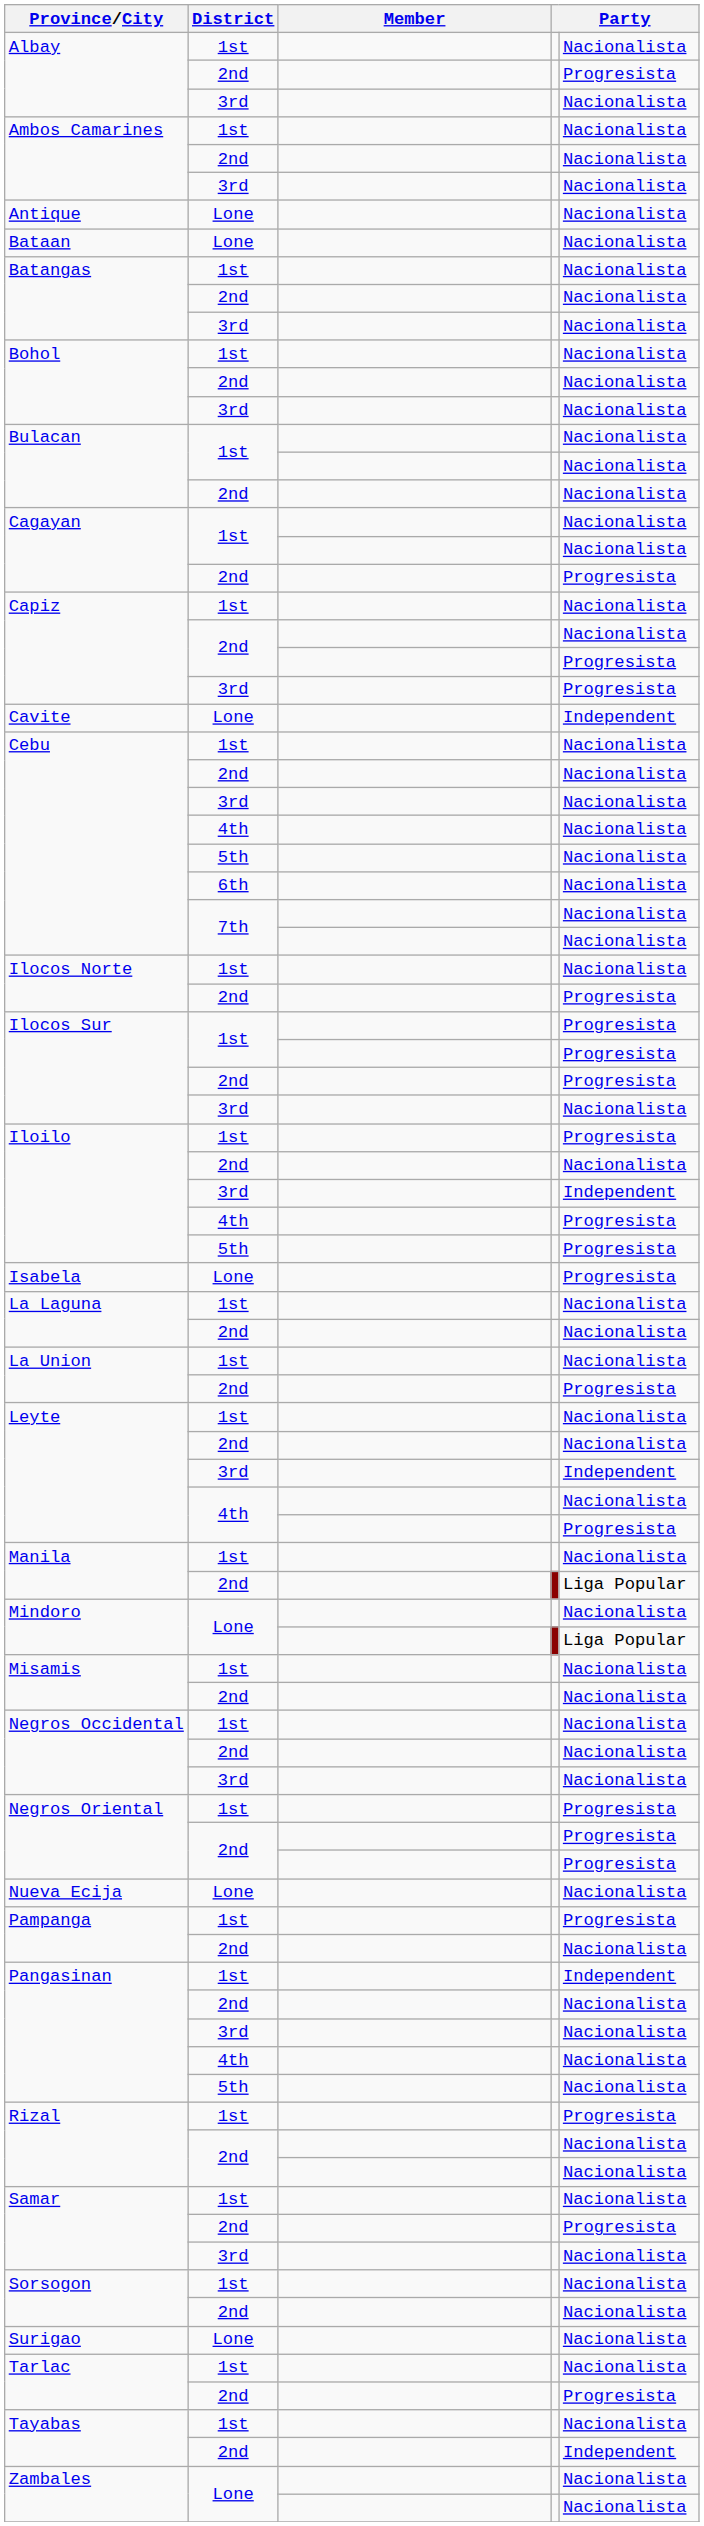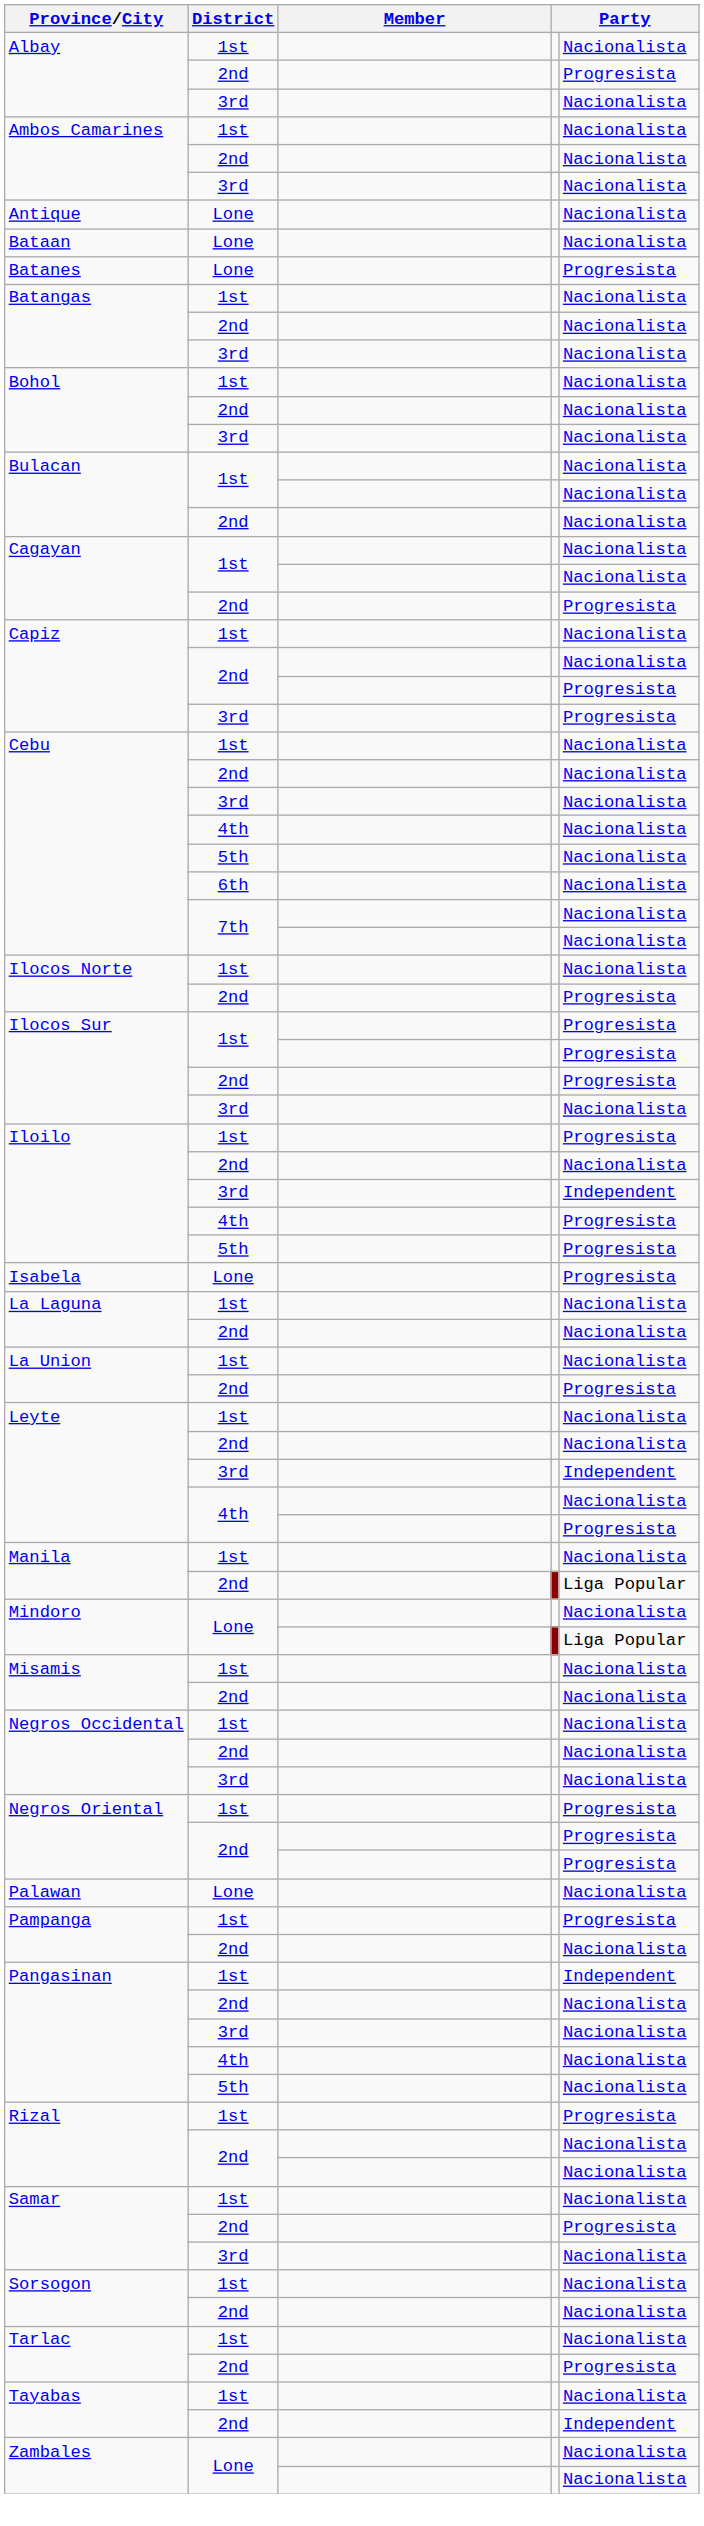 <table class="wikitable sortable">
 <tr>
 <th><a href='#'>Province</a>/<a href='#'>City</a></th>
 <th><a href='#'>District</a></th>
 <th width="200px"><a href='#'>Member</a></th>
 <th colspan="2"><a href='#'>Party</a></th>
 </tr>
 <tr>
 <td rowspan="3" valign="top"><a href='#'>Albay</a></td>
 <td align="center"><a href='#'>1st</a></td>
 <td></td>
 <td></td>
 <td width="100px"><a href='#'>Nacionalista</a></td>
 </tr>
 <tr>
 <td align="center"><a href='#'>2nd</a></td>
 <td></td>
 <td></td>
 <td><a href='#'>Progresista</a></td>
 </tr>
 <tr>
 <td align="center"><a href='#'>3rd</a></td>
 <td></td>
 <td></td>
 <td><a href='#'>Nacionalista</a></td>
 </tr>
 <tr>
 <td rowspan="3" valign="top"><a href='#'>Ambos Camarines</a></td>
 <td align="center"><a href='#'>1st</a></td>
 <td></td>
 <td></td>
 <td><a href='#'>Nacionalista</a></td>
 </tr>
 <tr>
 <td align="center"><a href='#'>2nd</a></td>
 <td></td>
 <td></td>
 <td><a href='#'>Nacionalista</a></td>
 </tr>
 <tr>
 <td align="center"><a href='#'>3rd</a></td>
 <td></td>
 <td></td>
 <td><a href='#'>Nacionalista</a></td>
 </tr>
 <tr>
 <td><a href='#'>Antique</a></td>
 <td align="center"><a href='#'>Lone</a></td>
 <td></td>
 <td></td>
 <td><a href='#'>Nacionalista</a></td>
 </tr>
 <tr>
 <td valign="top"><a href='#'>Bataan</a></td>
 <td align="center"><a href='#'>Lone</a></td>
 <td></td>
 <td></td>
 <td><a href='#'>Nacionalista</a></td>
+</tr>
+<tr>
+<td valign="top"><a href='#'>Batanes</a></td>
+<td align="center"><a href='#'>Lone</a></td>
+<td></td>
+<td></td>
+<td><a href='#'>Progresista</a></td>
 </tr>
 <tr>
 <td rowspan="3" valign="top"><a href='#'>Batangas</a></td>
 <td align="center"><a href='#'>1st</a></td>
 <td></td>
 <td></td>
 <td><a href='#'>Nacionalista</a></td>
 </tr>
 <tr>
 <td align="center"><a href='#'>2nd</a></td>
 <td></td>
 <td></td>
 <td><a href='#'>Nacionalista</a></td>
 </tr>
 <tr>
 <td align="center"><a href='#'>3rd</a></td>
 <td></td>
 <td></td>
 <td><a href='#'>Nacionalista</a></td>
 </tr>
 <tr>
 <td rowspan="3" valign="top"><a href='#'>Bohol</a></td>
 <td align="center"><a href='#'>1st</a></td>
 <td></td>
 <td></td>
 <td><a href='#'>Nacionalista</a></td>
 </tr>
 <tr>
 <td align="center"><a href='#'>2nd</a></td>
 <td></td>
 <td></td>
 <td><a href='#'>Nacionalista</a></td>
 </tr>
 <tr>
 <td align="center"><a href='#'>3rd</a></td>
 <td></td>
 <td></td>
 <td><a href='#'>Nacionalista</a></td>
 </tr>
 <tr>
 <td rowspan="3" valign="top"><a href='#'>Bulacan</a></td>
 <td rowspan="2" align="center"><a href='#'>1st</a></td>
 <td></td>
 <td></td>
 <td><a href='#'>Nacionalista</a></td>
 </tr>
 <tr>
 <td></td>
 <td></td>
 <td><a href='#'>Nacionalista</a></td>
 </tr>
 <tr>
 <td align="center"><a href='#'>2nd</a></td>
 <td></td>
 <td></td>
 <td><a href='#'>Nacionalista</a></td>
 </tr>
 <tr>
 <td rowspan="3" valign="top"><a href='#'>Cagayan</a></td>
 <td rowspan="2" align="center"><a href='#'>1st</a></td>
 <td></td>
 <td></td>
 <td><a href='#'>Nacionalista</a></td>
 </tr>
 <tr>
 <td></td>
 <td></td>
 <td><a href='#'>Nacionalista</a></td>
 </tr>
 <tr>
 <td align="center"><a href='#'>2nd</a></td>
 <td></td>
 <td></td>
 <td><a href='#'>Progresista</a></td>
 </tr>
 <tr>
 <td rowspan="4" valign="top"><a href='#'>Capiz</a></td>
 <td align="center"><a href='#'>1st</a></td>
 <td></td>
 <td></td>
 <td><a href='#'>Nacionalista</a></td>
 </tr>
 <tr>
 <td rowspan="2" align="center"><a href='#'>2nd</a></td>
 <td></td>
 <td></td>
 <td><a href='#'>Nacionalista</a></td>
 </tr>
 <tr>
 <td></td>
 <td></td>
 <td><a href='#'>Progresista</a></td>
 </tr>
 <tr>
 <td align="center"><a href='#'>3rd</a></td>
 <td></td>
 <td></td>
 <td><a href='#'>Progresista</a></td>
-</tr>
-<tr>
-<td valign="top"><a href='#'>Cavite</a></td>
-<td align="center"><a href='#'>Lone</a></td>
-<td></td>
-<td></td>
-<td><a href='#'>Independent</a></td>
 </tr>
 <tr>
 <td rowspan="8" valign="top"><a href='#'>Cebu</a></td>
 <td align="center"><a href='#'>1st</a></td>
 <td></td>
 <td></td>
 <td><a href='#'>Nacionalista</a></td>
 </tr>
 <tr>
 <td align="center"><a href='#'>2nd</a></td>
 <td></td>
 <td></td>
 <td><a href='#'>Nacionalista</a></td>
 </tr>
 <tr>
 <td align="center"><a href='#'>3rd</a></td>
 <td></td>
 <td></td>
 <td><a href='#'>Nacionalista</a></td>
 </tr>
 <tr>
 <td align="center"><a href='#'>4th</a></td>
 <td></td>
 <td></td>
 <td><a href='#'>Nacionalista</a></td>
 </tr>
 <tr>
 <td align="center"><a href='#'>5th</a></td>
 <td></td>
 <td></td>
 <td><a href='#'>Nacionalista</a></td>
 </tr>
 <tr>
 <td align="center"><a href='#'>6th</a></td>
 <td></td>
 <td></td>
 <td><a href='#'>Nacionalista</a></td>
 </tr>
 <tr>
 <td rowspan="2" align="center"><a href='#'>7th</a></td>
 <td></td>
 <td></td>
 <td><a href='#'>Nacionalista</a></td>
 </tr>
 <tr>
 <td></td>
 <td></td>
 <td><a href='#'>Nacionalista</a></td>
 </tr>
 <tr>
 <td rowspan="2" valign="top"><a href='#'>Ilocos Norte</a></td>
 <td align="center"><a href='#'>1st</a></td>
 <td></td>
 <td></td>
 <td><a href='#'>Nacionalista</a></td>
 </tr>
 <tr>
 <td align="center"><a href='#'>2nd</a></td>
 <td></td>
 <td></td>
 <td><a href='#'>Progresista</a></td>
 </tr>
 <tr>
 <td rowspan="4" valign="top"><a href='#'>Ilocos Sur</a></td>
 <td rowspan="2" align="center"><a href='#'>1st</a></td>
 <td></td>
 <td></td>
 <td><a href='#'>Progresista</a></td>
 </tr>
 <tr>
 <td></td>
 <td></td>
 <td><a href='#'>Progresista</a></td>
 </tr>
 <tr>
 <td align="center"><a href='#'>2nd</a></td>
 <td></td>
 <td></td>
 <td><a href='#'>Progresista</a></td>
 </tr>
 <tr>
 <td align="center"><a href='#'>3rd</a></td>
 <td></td>
 <td></td>
 <td><a href='#'>Nacionalista</a></td>
 </tr>
 <tr>
 <td rowspan="5" valign="top"><a href='#'>Iloilo</a></td>
 <td align="center"><a href='#'>1st</a></td>
 <td></td>
 <td></td>
 <td><a href='#'>Progresista</a></td>
 </tr>
 <tr>
 <td align="center"><a href='#'>2nd</a></td>
 <td></td>
 <td></td>
 <td><a href='#'>Nacionalista</a></td>
 </tr>
 <tr>
 <td align="center"><a href='#'>3rd</a></td>
 <td></td>
 <td></td>
 <td><a href='#'>Independent</a></td>
 </tr>
 <tr>
 <td align="center"><a href='#'>4th</a></td>
 <td></td>
 <td></td>
 <td><a href='#'>Progresista</a></td>
 </tr>
 <tr>
 <td align="center"><a href='#'>5th</a></td>
 <td></td>
 <td></td>
 <td><a href='#'>Progresista</a></td>
 </tr>
 <tr>
 <td valign="top"><a href='#'>Isabela</a></td>
 <td align="center"><a href='#'>Lone</a></td>
 <td></td>
 <td></td>
 <td><a href='#'>Progresista</a></td>
 </tr>
 <tr>
 <td rowspan="2" valign="top"><a href='#'>La Laguna</a></td>
 <td align="center"><a href='#'>1st</a></td>
 <td></td>
 <td></td>
 <td><a href='#'>Nacionalista</a></td>
 </tr>
 <tr>
 <td align="center"><a href='#'>2nd</a></td>
 <td></td>
 <td></td>
 <td><a href='#'>Nacionalista</a></td>
 </tr>
 <tr>
 <td rowspan="2" valign="top"><a href='#'>La Union</a></td>
 <td align="center"><a href='#'>1st</a></td>
 <td></td>
 <td></td>
 <td><a href='#'>Nacionalista</a></td>
 </tr>
 <tr>
 <td align="center"><a href='#'>2nd</a></td>
 <td></td>
 <td></td>
 <td><a href='#'>Progresista</a></td>
 </tr>
 <tr>
 <td rowspan="5" valign="top"><a href='#'>Leyte</a></td>
 <td align="center"><a href='#'>1st</a></td>
 <td></td>
 <td></td>
 <td><a href='#'>Nacionalista</a></td>
 </tr>
 <tr>
 <td align="center"><a href='#'>2nd</a></td>
 <td></td>
 <td></td>
 <td><a href='#'>Nacionalista</a></td>
 </tr>
 <tr>
 <td align="center"><a href='#'>3rd</a></td>
 <td></td>
 <td></td>
 <td><a href='#'>Independent</a></td>
 </tr>
 <tr>
 <td rowspan="2" align="center"><a href='#'>4th</a></td>
 <td></td>
 <td></td>
 <td><a href='#'>Nacionalista</a></td>
 </tr>
 <tr>
 <td></td>
 <td></td>
 <td><a href='#'>Progresista</a></td>
 </tr>
 <tr>
 <td rowspan="2" valign="top"><a href='#'>Manila</a></td>
 <td align="center"><a href='#'>1st</a></td>
 <td></td>
 <td></td>
 <td><a href='#'>Nacionalista</a></td>
 </tr>
 <tr>
 <td align="center"><a href='#'>2nd</a></td>
 <td></td>
 <td bgcolor="darkred"></td>
 <td>Liga Popular</td>
 </tr>
 <tr>
 <td rowspan="2" valign="top"><a href='#'>Mindoro</a></td>
 <td rowspan="2" align="center"><a href='#'>Lone</a></td>
 <td></td>
 <td></td>
 <td><a href='#'>Nacionalista</a></td>
 </tr>
 <tr>
 <td></td>
 <td bgcolor="darkred"></td>
 <td>Liga Popular</td>
 </tr>
 <tr>
 <td rowspan="2" valign="top"><a href='#'>Misamis</a></td>
 <td align="center"><a href='#'>1st</a></td>
 <td></td>
 <td></td>
 <td><a href='#'>Nacionalista</a></td>
 </tr>
 <tr>
 <td align="center"><a href='#'>2nd</a></td>
 <td></td>
 <td></td>
 <td><a href='#'>Nacionalista</a></td>
 </tr>
 <tr>
 <td rowspan="3" valign="top"><a href='#'>Negros Occidental</a></td>
 <td align="center"><a href='#'>1st</a></td>
 <td></td>
 <td></td>
 <td><a href='#'>Nacionalista</a></td>
 </tr>
 <tr>
 <td align="center"><a href='#'>2nd</a></td>
 <td></td>
 <td></td>
 <td><a href='#'>Nacionalista</a></td>
 </tr>
 <tr>
 <td align="center"><a href='#'>3rd</a></td>
 <td></td>
 <td></td>
 <td><a href='#'>Nacionalista</a></td>
 </tr>
 <tr>
 <td rowspan="3" valign="top"><a href='#'>Negros Oriental</a></td>
 <td align="center"><a href='#'>1st</a></td>
 <td></td>
 <td></td>
 <td><a href='#'>Progresista</a></td>
 </tr>
 <tr>
 <td rowspan="2" align="center"><a href='#'>2nd</a></td>
 <td></td>
 <td></td>
 <td><a href='#'>Progresista</a></td>
 </tr>
 <tr>
 <td></td>
 <td></td>
 <td><a href='#'>Progresista</a></td>
 </tr>
 <tr>
-<td valign="top"><a href='#'>Nueva Ecija</a></td>
+<td valign="top"><a href='#'>Palawan</a></td>
 <td align="center"><a href='#'>Lone</a></td>
 <td></td>
 <td></td>
 <td><a href='#'>Nacionalista</a></td>
 </tr>
 <tr>
 <td rowspan="2" valign="top"><a href='#'>Pampanga</a></td>
 <td align="center"><a href='#'>1st</a></td>
 <td></td>
 <td></td>
 <td><a href='#'>Progresista</a></td>
 </tr>
 <tr>
 <td align="center"><a href='#'>2nd</a></td>
 <td></td>
 <td></td>
 <td><a href='#'>Nacionalista</a></td>
 </tr>
 <tr>
 <td rowspan="5" valign="top"><a href='#'>Pangasinan</a></td>
 <td align="center"><a href='#'>1st</a></td>
 <td></td>
 <td></td>
 <td><a href='#'>Independent</a></td>
 </tr>
 <tr>
 <td align="center"><a href='#'>2nd</a></td>
 <td></td>
 <td></td>
 <td><a href='#'>Nacionalista</a></td>
 </tr>
 <tr>
 <td align="center"><a href='#'>3rd</a></td>
 <td></td>
 <td></td>
 <td><a href='#'>Nacionalista</a></td>
 </tr>
 <tr>
 <td align="center"><a href='#'>4th</a></td>
 <td></td>
 <td></td>
 <td><a href='#'>Nacionalista</a></td>
 </tr>
 <tr>
 <td align="center"><a href='#'>5th</a></td>
 <td></td>
 <td></td>
 <td><a href='#'>Nacionalista</a></td>
 </tr>
 <tr>
 <td rowspan="3" valign="top"><a href='#'>Rizal</a></td>
 <td align="center"><a href='#'>1st</a></td>
 <td></td>
 <td></td>
 <td><a href='#'>Progresista</a></td>
 </tr>
 <tr>
 <td rowspan="2" align="center"><a href='#'>2nd</a></td>
 <td></td>
 <td></td>
 <td><a href='#'>Nacionalista</a></td>
 </tr>
 <tr>
 <td></td>
 <td></td>
 <td><a href='#'>Nacionalista</a></td>
 </tr>
 <tr>
 <td rowspan="3" valign="top"><a href='#'>Samar</a></td>
 <td align="center"><a href='#'>1st</a></td>
 <td></td>
 <td></td>
 <td><a href='#'>Nacionalista</a></td>
 </tr>
 <tr>
 <td align="center"><a href='#'>2nd</a></td>
 <td></td>
 <td></td>
 <td><a href='#'>Progresista</a></td>
 </tr>
 <tr>
 <td align="center"><a href='#'>3rd</a></td>
 <td></td>
 <td></td>
 <td><a href='#'>Nacionalista</a></td>
 </tr>
 <tr>
 <td rowspan="2" valign="top"><a href='#'>Sorsogon</a></td>
 <td align="center"><a href='#'>1st</a></td>
 <td></td>
 <td></td>
 <td><a href='#'>Nacionalista</a></td>
 </tr>
 <tr>
 <td align="center"><a href='#'>2nd</a></td>
 <td></td>
 <td></td>
 <td><a href='#'>Nacionalista</a></td>
 </tr>
 <tr>
-<td valign="top"><a href='#'>Surigao</a></td>
-<td align="center"><a href='#'>Lone</a></td>
-<td></td>
-<td></td>
-<td><a href='#'>Nacionalista</a></td>
-</tr>
-<tr>
 <td rowspan="2" valign="top"><a href='#'>Tarlac</a></td>
 <td align="center"><a href='#'>1st</a></td>
 <td></td>
 <td></td>
 <td><a href='#'>Nacionalista</a></td>
 </tr>
 <tr>
 <td align="center"><a href='#'>2nd</a></td>
 <td></td>
 <td></td>
 <td><a href='#'>Progresista</a></td>
 </tr>
 <tr>
 <td rowspan="2" valign="top"><a href='#'>Tayabas</a></td>
 <td align="center"><a href='#'>1st</a></td>
 <td></td>
 <td></td>
 <td><a href='#'>Nacionalista</a></td>
 </tr>
 <tr>
 <td align="center"><a href='#'>2nd</a></td>
 <td></td>
 <td></td>
 <td><a href='#'>Independent</a></td>
 </tr>
 <tr>
 <td rowspan="2" valign="top"><a href='#'>Zambales</a></td>
 <td rowspan="2" align="center"><a href='#'>Lone</a></td>
 <td></td>
 <td></td>
 <td><a href='#'>Nacionalista</a></td>
 </tr>
 <tr>
 <td></td>
 <td></td>
 <td><a href='#'>Nacionalista</a></td>
 </tr>
 </table>
